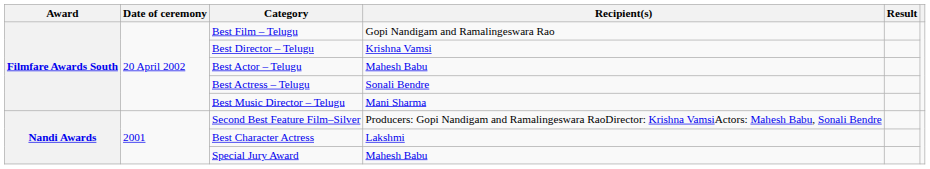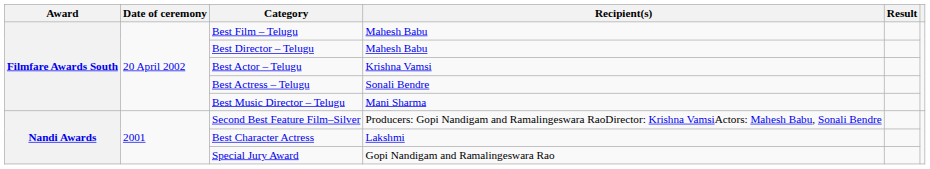 <table class="wikitable plainrowheaders sortable">
 <tr>
 <th scope="col">Award</th>
 <th scope="col">Date of ceremony</th>
 <th scope="col">Category</th>
 <th scope="col">Recipient(s)</th>
 <th scope="col">Result</th>
 <th scope="col" class="unsortable"></th>
 </tr>
 <tr>
 <th rowspan="5" scope="row"><a href='#'>Filmfare Awards South</a></th>
 <td rowspan="5"><a href='#'>20 April 2002</a></td>
 <td><a href='#'>Best Film – Telugu</a></td>
-<td>Gopi Nandigam and Ramalingeswara Rao</td>
+<td><a href='#'>Mahesh Babu</a></td>
 <td></td>
 <td rowspan="5"></td>
 </tr>
 <tr>
 <td><a href='#'>Best Director – Telugu</a></td>
-<td><a href='#'>Krishna Vamsi</a></td>
+<td><a href='#'>Mahesh Babu</a></td>
 <td></td>
 </tr>
 <tr>
 <td><a href='#'>Best Actor – Telugu</a></td>
-<td><a href='#'>Mahesh Babu</a></td>
+<td><a href='#'>Krishna Vamsi</a></td>
 <td></td>
 </tr>
 <tr>
 <td><a href='#'>Best Actress – Telugu</a></td>
 <td><a href='#'>Sonali Bendre</a></td>
 <td></td>
 </tr>
 <tr>
 <td><a href='#'>Best Music Director – Telugu</a></td>
 <td><a href='#'>Mani Sharma</a></td>
 <td></td>
 </tr>
 <tr>
 <th rowspan="3" scope="row"><a href='#'>Nandi Awards</a></th>
 <td rowspan="3"><a href='#'>2001</a></td>
 <td><a href='#'>Second Best Feature Film–Silver</a></td>
 <td>Producers: Gopi Nandigam and Ramalingeswara RaoDirector: <a href='#'>Krishna Vamsi</a>Actors: <a href='#'>Mahesh Babu</a>, <a href='#'>Sonali Bendre</a></td>
 <td></td>
 <td rowspan="3"></td>
 </tr>
 <tr>
 <td><a href='#'>Best Character Actress</a></td>
 <td><a href='#'>Lakshmi</a></td>
 <td></td>
 </tr>
 <tr>
 <td><a href='#'>Special Jury Award</a></td>
-<td><a href='#'>Mahesh Babu</a></td>
+<td>Gopi Nandigam and Ramalingeswara Rao</td>
 <td></td>
 </tr>
 </table>
